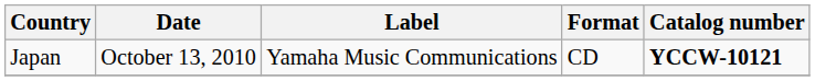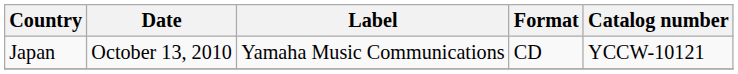 <table class="wikitable">
 <tr>
 <th>Country</th>
 <th>Date</th>
 <th>Label</th>
 <th>Format</th>
 <th>Catalog number</th>
 </tr>
 <tr>
 <td>Japan</td>
 <td>October 13, 2010</td>
 <td>Yamaha Music Communications</td>
 <td>CD</td>
-<td><strong>YCCW-10121</strong></td>
+<td>YCCW-10121</td>
 </tr>
 <tr>
 </tr>
 </table>
